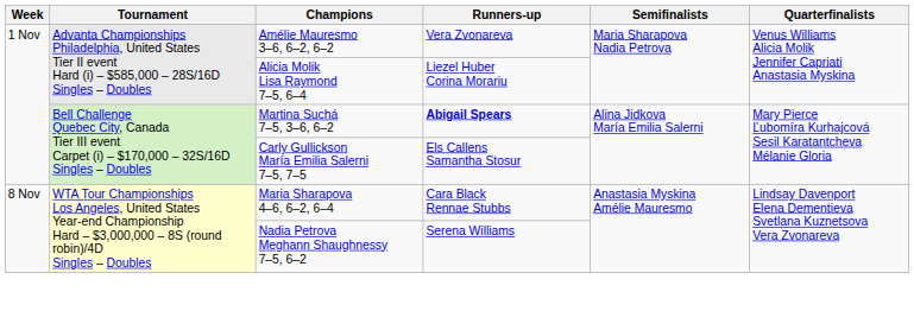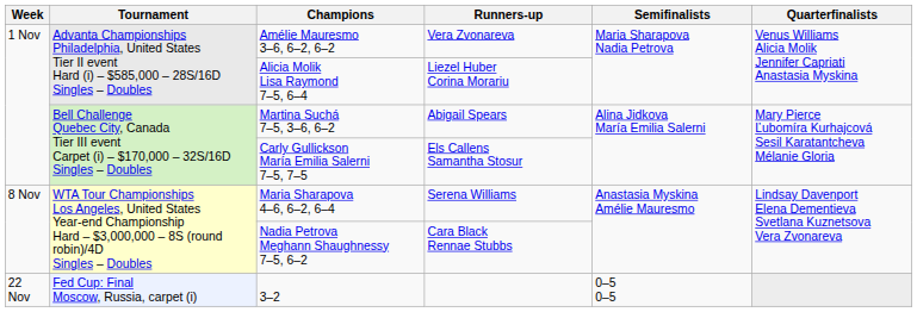 <table class=wikitable style=font-size:95%>
 <tr>
 <th style="width:48px;">Week</th>
 <th style="width:248px;">Tournament</th>
 <th style="width:200px;">Champions</th>
 <th style="width:200px;">Runners-up</th>
 <th style="width:190px;">Semifinalists</th>
 <th style="width:190px;">Quarterfinalists</th>
 </tr>
 <tr valign="top">
 <td rowspan=4>1 Nov</td>
 <td rowspan=2 style="background:#e9e9e9;"><a href='#'>Advanta Championships</a><br> <a href='#'>Philadelphia</a>, United States <br>Tier II event<br>Hard (i) – $585,000 – 28S/16D<br><a href='#'>Singles</a> – <a href='#'>Doubles</a></td>
 <td> <a href='#'>Amélie Mauresmo</a> <br> 3–6, 6–2, 6–2</td>
 <td> <a href='#'>Vera Zvonareva</a></td>
 <td rowspan=2> <a href='#'>Maria Sharapova</a><br> <a href='#'>Nadia Petrova</a></td>
 <td rowspan=2> <a href='#'>Venus Williams</a>  <br>  <a href='#'>Alicia Molik</a> <br> <a href='#'>Jennifer Capriati</a><br>   <a href='#'>Anastasia Myskina</a></td>
 </tr>
 <tr valign="top">
 <td> <a href='#'>Alicia Molik</a> <br>  <a href='#'>Lisa Raymond</a><br>7–5, 6–4</td>
 <td> <a href='#'>Liezel Huber</a> <br>  <a href='#'>Corina Morariu</a></td>
 </tr>
 <tr valign="top">
 <td rowspan=2 style="background:#d4f1c5;"><a href='#'>Bell Challenge</a><br> <a href='#'>Quebec City</a>, Canada <br>Tier III event<br>Carpet (i) – $170,000 – 32S/16D<br><a href='#'>Singles</a> – <a href='#'>Doubles</a></td>
 <td> <a href='#'>Martina Suchá</a> <br> 7–5, 3–6, 6–2</td>
-<td><strong> <a href='#'>Abigail Spears</a></strong></td>
+<td> <a href='#'>Abigail Spears</a></td>
 <td rowspan=2> <a href='#'>Alina Jidkova</a><br> <a href='#'>María Emilia Salerni</a></td>
 <td rowspan=2> <a href='#'>Mary Pierce</a>  <br>  <a href='#'>Ľubomíra Kurhajcová</a> <br> <a href='#'>Sesil Karatantcheva</a><br>   <a href='#'>Mélanie Gloria</a></td>
 </tr>
 <tr valign="top">
 <td> <a href='#'>Carly Gullickson</a> <br>  <a href='#'>María Emilia Salerni</a><br>7–5, 7–5</td>
 <td> <a href='#'>Els Callens</a> <br>  <a href='#'>Samantha Stosur</a></td>
 </tr>
 <tr valign="top">
 <td rowspan=2>8 Nov</td>
 <td rowspan=2 style="background:#ffc;"><a href='#'>WTA Tour Championships</a><br> <a href='#'>Los Angeles</a>, United States <br>Year-end Championship<br>Hard – $3,000,000 – 8S (round robin)/4D<br><a href='#'>Singles</a> – <a href='#'>Doubles</a></td>
 <td> <a href='#'>Maria Sharapova</a> <br> 4–6, 6–2, 6–4</td>
-<td> <a href='#'>Cara Black</a> <br>  <a href='#'>Rennae Stubbs</a></td>
+<td> <a href='#'>Serena Williams</a></td>
 <td rowspan=2> <a href='#'>Anastasia Myskina</a><br> <a href='#'>Amélie Mauresmo</a></td>
 <td rowspan=2> <a href='#'>Lindsay Davenport</a>  <br>  <a href='#'>Elena Dementieva</a> <br> <a href='#'>Svetlana Kuznetsova</a><br>   <a href='#'>Vera Zvonareva</a></td>
 </tr>
 <tr valign="top">
 <td> <a href='#'>Nadia Petrova</a> <br>  <a href='#'>Meghann Shaughnessy</a><br>7–5, 6–2</td>
-<td> <a href='#'>Serena Williams</a></td>
+<td> <a href='#'>Cara Black</a> <br>  <a href='#'>Rennae Stubbs</a></td>
+</tr>
+<tr valign=top>
+<td>22 Nov</td>
+<td bgcolor="#ecf2ff"><a href='#'>Fed Cup: Final</a><br><a href='#'>Moscow</a>, Russia, carpet (i)</td>
+<td><br>3–2</td>
+<td></td>
+<td> 0–5<br> 0–5</td>
+<td bgcolor="#ededed"></td>
 </tr>
 </table>
